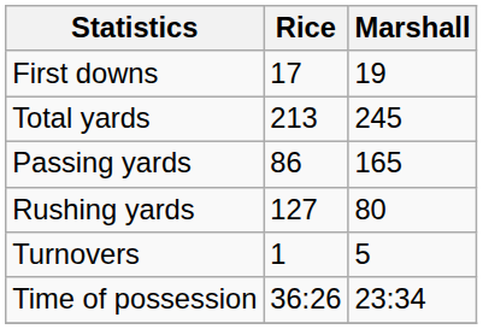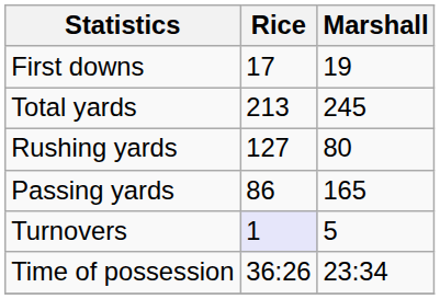 <table class="wikitable">
 <tr>
 <th>Statistics</th>
 <th>Rice</th>
 <th>Marshall</th>
 </tr>
 <tr>
 <td>First downs</td>
 <td>17</td>
 <td>19</td>
 </tr>
 <tr>
 <td>Total yards</td>
 <td>213</td>
 <td>245</td>
 </tr>
 <tr>
+<td>Rushing yards</td>
+<td>127</td>
+<td>80</td>
+</tr>
+<tr>
 <td>Passing yards</td>
 <td>86</td>
 <td>165</td>
 </tr>
 <tr>
-<td>Rushing yards</td>
-<td>127</td>
-<td>80</td>
-</tr>
-<tr>
 <td>Turnovers</td>
-<td>1</td>
+<td style="background: lavender;">1</td>
 <td>5</td>
 </tr>
 <tr>
 <td>Time of possession</td>
 <td>36:26</td>
 <td>23:34</td>
 </tr>
 <tr>
 </tr>
 </table>
